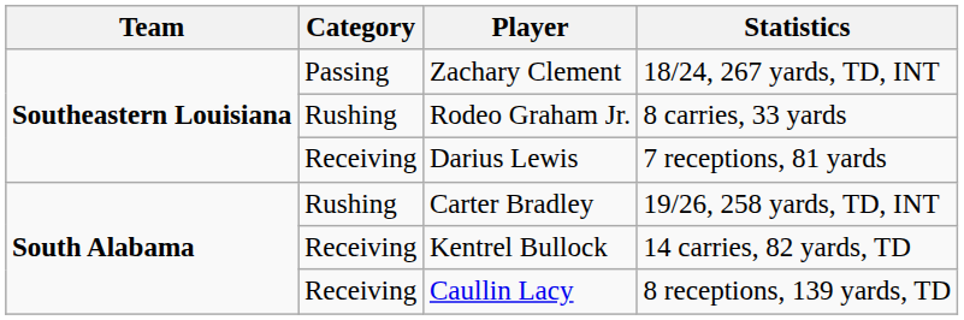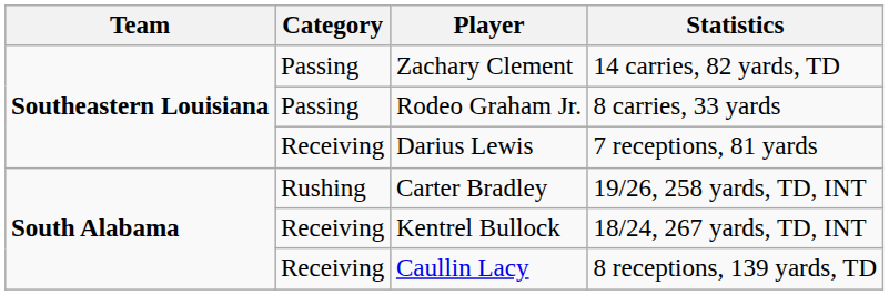 <table class="wikitable" style="float: right;">
 <tr>
 <th>Team</th>
 <th>Category</th>
 <th>Player</th>
 <th>Statistics</th>
 </tr>
 <tr>
 <td rowspan=3><strong>Southeastern Louisiana</strong></td>
 <td>Passing</td>
 <td>Zachary Clement</td>
-<td>18/24, 267 yards, TD, INT</td>
+<td>14 carries, 82 yards, TD</td>
 </tr>
 <tr>
-<td>Rushing</td>
+<td>Passing</td>
 <td>Rodeo Graham Jr.</td>
 <td>8 carries, 33 yards</td>
 </tr>
 <tr>
 <td>Receiving</td>
 <td>Darius Lewis</td>
 <td>7 receptions, 81 yards</td>
 </tr>
 <tr>
 <td rowspan=3><strong>South Alabama</strong></td>
 <td>Rushing</td>
 <td>Carter Bradley</td>
 <td>19/26, 258 yards, TD, INT</td>
 </tr>
 <tr>
 <td>Receiving</td>
 <td>Kentrel Bullock</td>
-<td>14 carries, 82 yards, TD</td>
+<td>18/24, 267 yards, TD, INT</td>
 </tr>
 <tr>
 <td>Receiving</td>
 <td><a href='#'>Caullin Lacy</a></td>
 <td>8 receptions, 139 yards, TD</td>
 </tr>
 </table>
